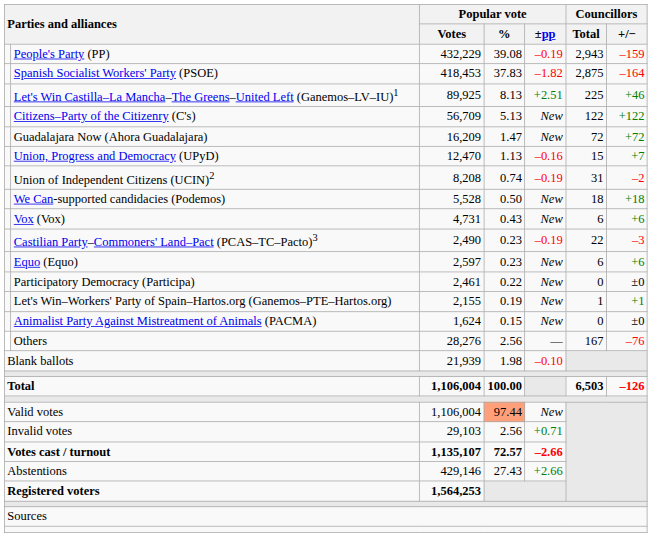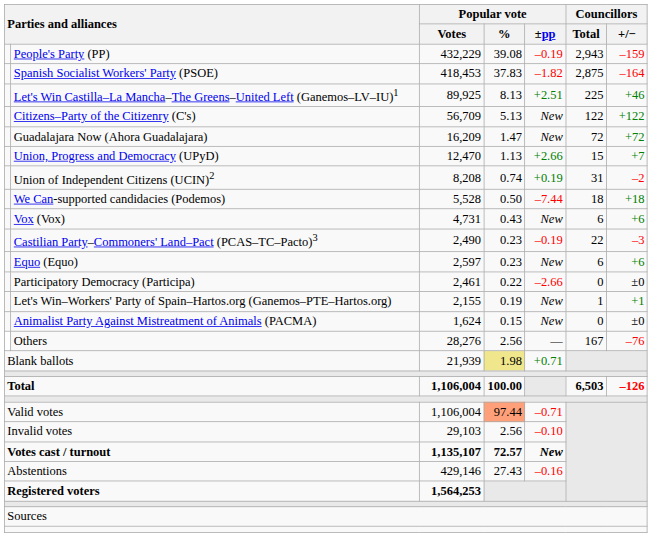 <table class="wikitable" style="text-align:right;">
 <tr>
 <th style="text-align:left;" rowspan="2" colspan="2" width="525">Parties and alliances</th>
 <th colspan="3">Popular vote</th>
 <th colspan="2">Councillors</th>
 </tr>
 <tr>
 <th width="75">Votes</th>
 <th width="45">%</th>
 <th width="45">±<a href='#'>pp</a></th>
 <th width="45">Total</th>
 <th width="45">+/−</th>
 </tr>
 <tr>
 <td width="1" style="color:inherit;background:"></td>
 <td align="left"><a href='#'>People's Party</a> (PP)</td>
 <td>432,229</td>
 <td>39.08</td>
 <td style="color:red;">–0.19</td>
 <td>2,943</td>
 <td style="color:red;">–159</td>
 </tr>
 <tr>
 <td style="color:inherit;background:"></td>
 <td align="left"><a href='#'>Spanish Socialist Workers' Party</a> (PSOE)</td>
 <td>418,453</td>
 <td>37.83</td>
 <td style="color:red;">–1.82</td>
 <td>2,875</td>
 <td style="color:red;">–164</td>
 </tr>
 <tr>
 <td style="color:inherit;background:"></td>
 <td align="left"><a href='#'>Let's Win Castilla–La Mancha</a>–<a href='#'>The Greens</a>–<a href='#'>United Left</a> (Ganemos–LV–IU)<sup>1</sup></td>
 <td>89,925</td>
 <td>8.13</td>
 <td style="color:green;">+2.51</td>
 <td>225</td>
 <td style="color:green;">+46</td>
 </tr>
 <tr>
 <td style="color:inherit;background:"></td>
 <td align="left"><a href='#'>Citizens–Party of the Citizenry</a> (C's)</td>
 <td>56,709</td>
 <td>5.13</td>
 <td><em>New</em></td>
 <td>122</td>
 <td style="color:green;">+122</td>
 </tr>
 <tr>
 <td style="color:inherit;background:"></td>
 <td align="left">Guadalajara Now (Ahora Guadalajara)</td>
 <td>16,209</td>
 <td>1.47</td>
 <td><em>New</em></td>
 <td>72</td>
 <td style="color:green;">+72</td>
 </tr>
 <tr>
 <td style="color:inherit;background:"></td>
 <td align="left"><a href='#'>Union, Progress and Democracy</a> (UPyD)</td>
 <td>12,470</td>
 <td>1.13</td>
-<td style="color:red;">–0.16</td>
+<td style="color:green;">+2.66</td>
 <td>15</td>
 <td style="color:green;">+7</td>
 </tr>
 <tr>
 <td style="color:inherit;background:"></td>
 <td align="left">Union of Independent Citizens (UCIN)<sup>2</sup></td>
 <td>8,208</td>
 <td>0.74</td>
-<td style="color:red;">–0.19</td>
+<td style="color:green;">+0.19</td>
 <td>31</td>
 <td style="color:red;">–2</td>
 </tr>
 <tr>
 <td style="color:inherit;background:"></td>
 <td align="left"><a href='#'>We Can</a>-supported candidacies (Podemos)</td>
 <td>5,528</td>
 <td>0.50</td>
-<td><em>New</em></td>
+<td style="color:red;">–7.44</td>
 <td>18</td>
 <td style="color:green;">+18</td>
 </tr>
 <tr>
 <td style="color:inherit;background:"></td>
 <td align="left"><a href='#'>Vox</a> (Vox)</td>
 <td>4,731</td>
 <td>0.43</td>
 <td><em>New</em></td>
 <td>6</td>
 <td style="color:green;">+6</td>
 </tr>
 <tr>
 <td style="color:inherit;background:"></td>
 <td align="left"><a href='#'>Castilian Party</a>–<a href='#'>Commoners' Land–Pact</a> (PCAS–TC–Pacto)<sup>3</sup></td>
 <td>2,490</td>
 <td>0.23</td>
 <td style="color:red;">–0.19</td>
 <td>22</td>
 <td style="color:red;">–3</td>
 </tr>
 <tr>
 <td style="color:inherit;background:"></td>
 <td align="left"><a href='#'>Equo</a> (Equo)</td>
 <td>2,597</td>
 <td>0.23</td>
 <td><em>New</em></td>
 <td>6</td>
 <td style="color:green;">+6</td>
 </tr>
 <tr>
 <td style="color:inherit;background:"></td>
 <td align="left">Participatory Democracy (Participa)</td>
 <td>2,461</td>
 <td>0.22</td>
-<td><em>New</em></td>
+<td style="color:red;">–2.66</td>
 <td>0</td>
 <td>±0</td>
 </tr>
 <tr>
 <td style="color:inherit;background:"></td>
 <td align="left">Let's Win–Workers' Party of Spain–Hartos.org (Ganemos–PTE–Hartos.org)</td>
 <td>2,155</td>
 <td>0.19</td>
 <td><em>New</em></td>
 <td>1</td>
 <td style="color:green;">+1</td>
 </tr>
 <tr>
 <td style="color:inherit;background:"></td>
 <td align="left"><a href='#'>Animalist Party Against Mistreatment of Animals</a> (PACMA)</td>
 <td>1,624</td>
 <td>0.15</td>
 <td><em>New</em></td>
 <td>0</td>
 <td>±0</td>
 </tr>
 <tr>
 <td bgcolor="white"></td>
 <td align="left">Others</td>
 <td>28,276</td>
 <td>2.56</td>
 <td>—</td>
 <td>167</td>
 <td style="color:red;">–76</td>
 </tr>
 <tr>
 <td align="left" colspan="2">Blank ballots</td>
 <td>21,939</td>
-<td>1.98</td>
-<td style="color:red;">–0.10</td>
+<td style="background: khaki;">1.98</td>
+<td style="color:green;">+0.71</td>
 <td bgcolor="#E9E9E9" colspan="2"></td>
 </tr>
 <tr>
 <td colspan="7" bgcolor="#E9E9E9"></td>
 </tr>
 <tr style="font-weight:bold;">
 <td align="left" colspan="2">Total</td>
 <td>1,106,004</td>
 <td>100.00</td>
 <td bgcolor="#E9E9E9"></td>
 <td>6,503</td>
 <td style="color:red;">–126</td>
 </tr>
 <tr>
 <td colspan="7" bgcolor="#E9E9E9"></td>
 </tr>
 <tr>
 <td align="left" colspan="2">Valid votes</td>
 <td>1,106,004</td>
 <td style="background: lightsalmon;">97.44</td>
-<td><em>New</em></td>
+<td style="color:red;">–0.71</td>
 <td bgcolor="#E9E9E9" colspan="2" rowspan="5"></td>
 </tr>
 <tr>
 <td align="left" colspan="2">Invalid votes</td>
 <td>29,103</td>
 <td>2.56</td>
-<td style="color:green;">+0.71</td>
+<td style="color:red;">–0.10</td>
 </tr>
 <tr style="font-weight:bold;">
 <td align="left" colspan="2">Votes cast / turnout</td>
 <td>1,135,107</td>
 <td>72.57</td>
-<td style="color:red;">–2.66</td>
+<td><em>New</em></td>
 </tr>
 <tr>
 <td align="left" colspan="2">Abstentions</td>
 <td>429,146</td>
 <td>27.43</td>
-<td style="color:green;">+2.66</td>
+<td style="color:red;">–0.16</td>
 </tr>
 <tr style="font-weight:bold;">
 <td align="left" colspan="2">Registered voters</td>
 <td>1,564,253</td>
 <td bgcolor="#E9E9E9" colspan="2"></td>
 </tr>
 <tr>
 <td colspan="7" bgcolor="#E9E9E9"></td>
 </tr>
 <tr>
 <td align="left" colspan="7">Sources</td>
 </tr>
 <tr>
 <td colspan="7" style="text-align:left; max-width:790px;"></td>
 </tr>
 </table>
